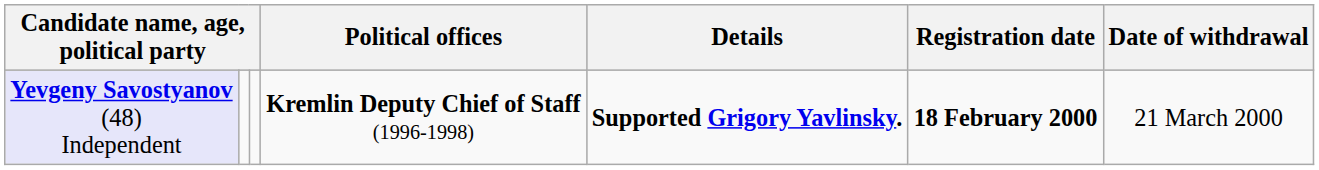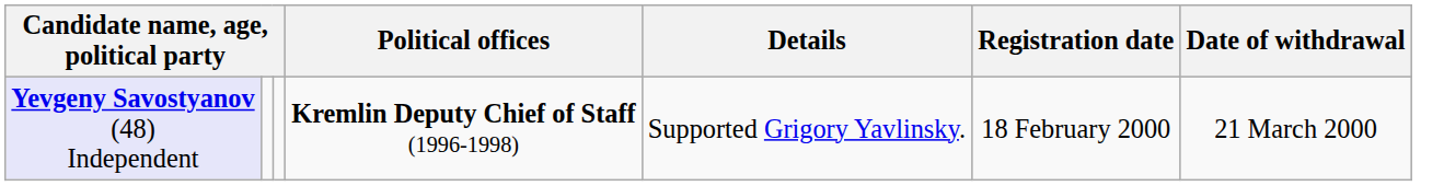 <table class="wikitable" style="text-align:center;">
 <tr>
 <th colspan="3">Candidate name, age,<br>political party</th>
 <th>Political offices</th>
 <th>Details</th>
 <th>Registration date</th>
 <th>Date of withdrawal</th>
 </tr>
 <tr>
 <td style="background:lavender;"><strong><a href='#'>Yevgeny Savostyanov</a></strong><br>(48)<br>Independent</td>
 <td></td>
 <td style="background-color:"></td>
 <td><strong>Kremlin Deputy Chief of Staff</strong><br><small>(1996-1998)</small></td>
-<td><strong>Supported <a href='#'>Grigory Yavlinsky</a>.</strong></td>
-<td><strong>18 February 2000</strong></td>
+<td>Supported <a href='#'>Grigory Yavlinsky</a>.</td>
+<td>18 February 2000</td>
 <td>21 March 2000</td>
 </tr>
 </table>
